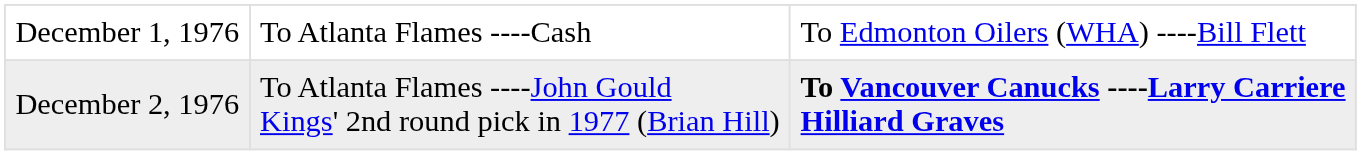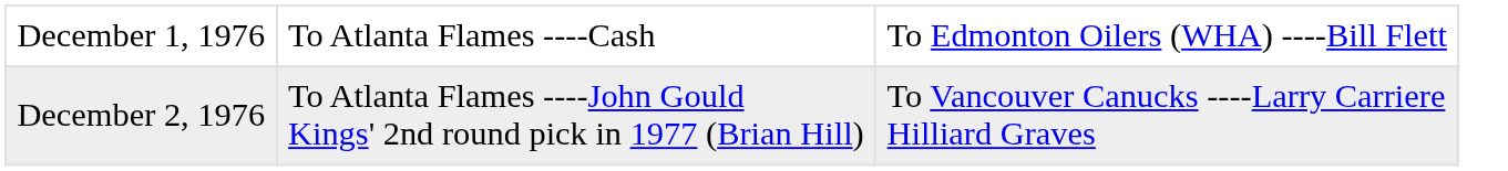 <table border=1 style="border-collapse:collapse" bordercolor="#DFDFDF"  cellpadding="5">
 <tr>
 <td>December 1, 1976</td>
 <td valign="top">To  Atlanta Flames ----Cash</td>
 <td valign="top">To  <a href='#'>Edmonton Oilers</a> (<a href='#'>WHA</a>) ----<a href='#'>Bill Flett</a></td>
 </tr>
 <tr bgcolor="#eeeeee">
 <td>December 2, 1976</td>
 <td valign="top">To  Atlanta Flames ----<a href='#'>John Gould</a><br><a href='#'>Kings</a>' 2nd round pick in <a href='#'>1977</a> (<a href='#'>Brian Hill</a>)</td>
-<td valign="top"><strong>To  <a href='#'>Vancouver Canucks</a> ----<a href='#'>Larry Carriere</a><br><a href='#'>Hilliard Graves</a></strong></td>
+<td valign="top">To  <a href='#'>Vancouver Canucks</a> ----<a href='#'>Larry Carriere</a><br><a href='#'>Hilliard Graves</a></td>
 </tr>
 </table>
